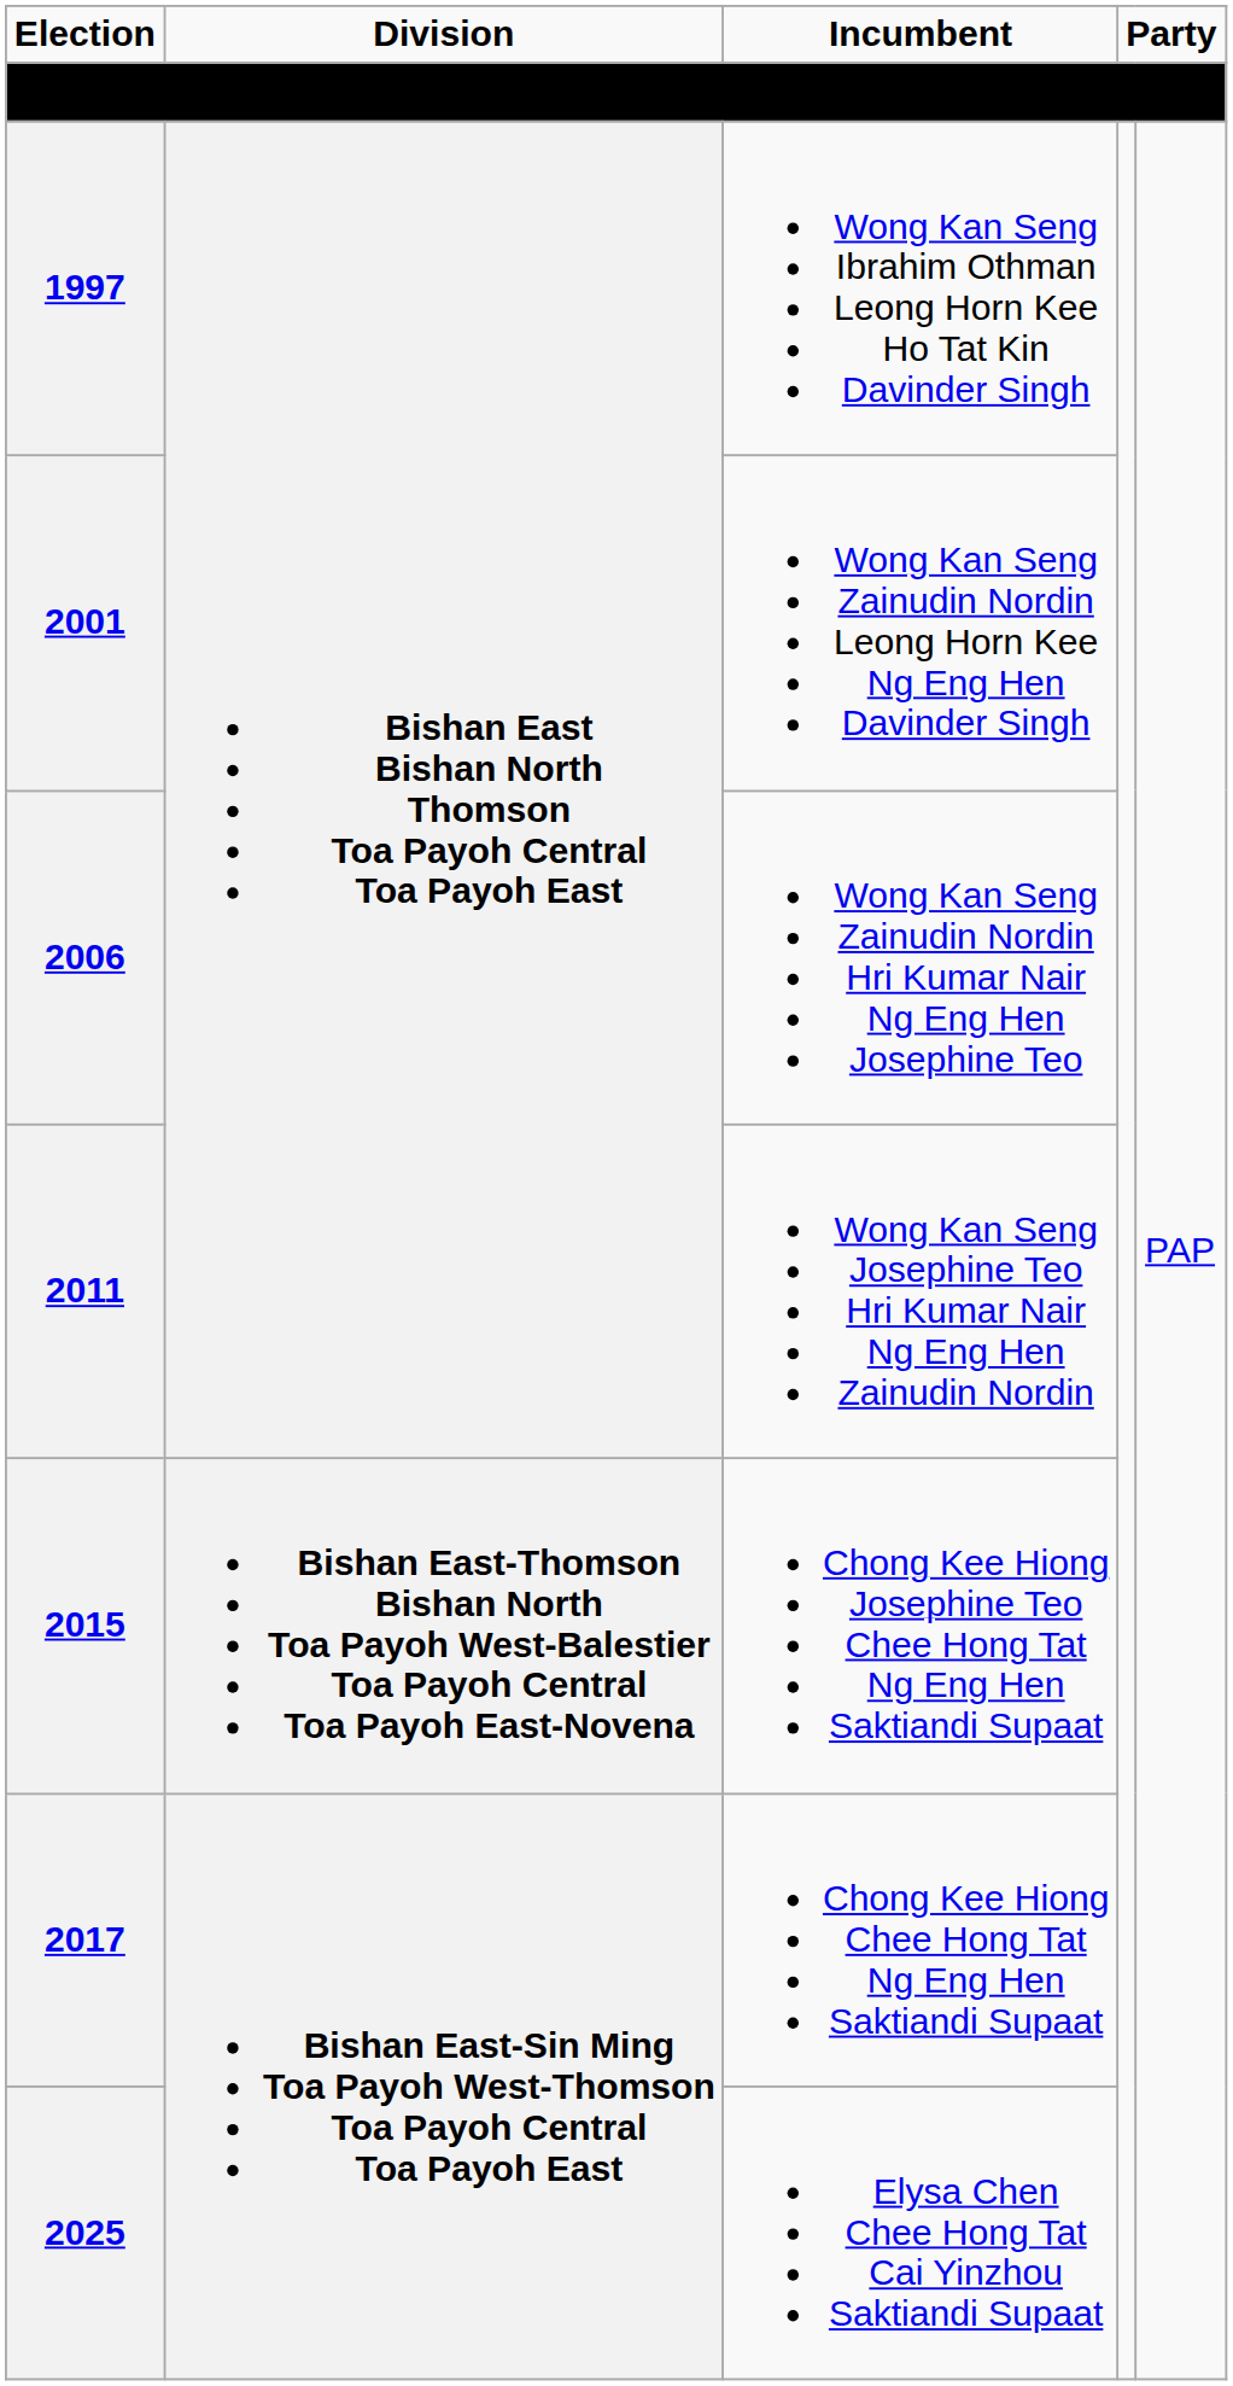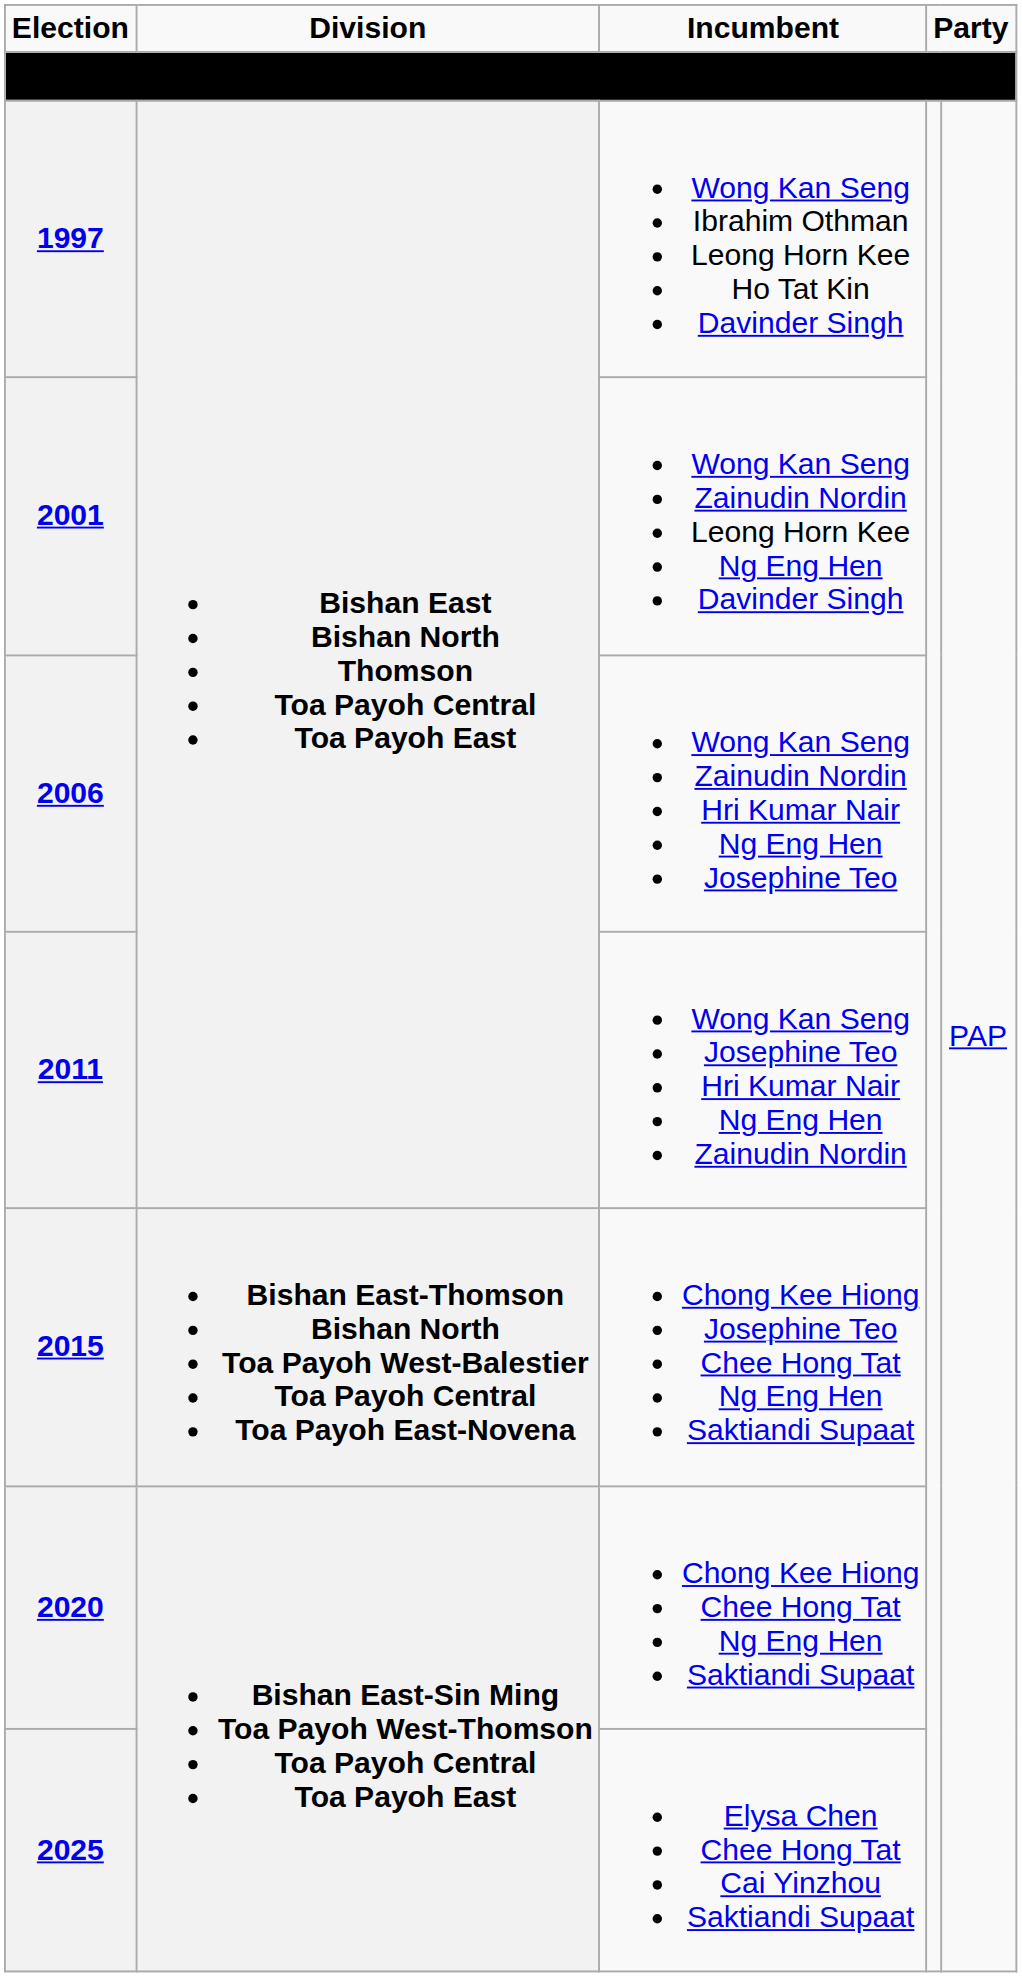 <table class="wikitable" align="center" style="text-align:center">
 <tr>
 <td><strong>Election </strong></td>
 <td><strong>Division </strong></td>
 <td><strong>Incumbent</strong></td>
 <td colspan="2"><strong>Party</strong></td>
 </tr>
 <tr>
 <td colspan=5 bgcolor=black><span><strong>Formation</strong></span></td>
 </tr>
 <tr>
 <th><a href='#'>1997</a></th>
 <th rowspan=4><br><ul><li>Bishan East</li><li>Bishan North</li><li>Thomson</li><li>Toa Payoh Central</li><li>Toa Payoh East</li></ul></th>
 <td><br><ul><li><a href='#'>Wong Kan Seng</a></li><li>Ibrahim Othman</li><li>Leong Horn Kee</li><li>Ho Tat Kin</li><li><a href='#'>Davinder Singh</a></li></ul></td>
 <td rowspan="7"></td>
 <td rowspan="7"><a href='#'>PAP</a></td>
 </tr>
 <tr>
 <th><a href='#'>2001</a></th>
 <td><br><ul><li><a href='#'>Wong Kan Seng</a></li><li><a href='#'>Zainudin Nordin</a></li><li>Leong Horn Kee</li><li><a href='#'>Ng Eng Hen</a></li><li><a href='#'>Davinder Singh</a></li></ul></td>
 </tr>
 <tr>
 <th><a href='#'>2006</a></th>
 <td><br><ul><li><a href='#'>Wong Kan Seng</a></li><li><a href='#'>Zainudin Nordin</a></li><li><a href='#'>Hri Kumar Nair</a></li><li><a href='#'>Ng Eng Hen</a></li><li><a href='#'>Josephine Teo</a></li></ul></td>
 </tr>
 <tr>
 <th><a href='#'>2011</a></th>
 <td><br><ul><li><a href='#'>Wong Kan Seng</a></li><li><a href='#'>Josephine Teo</a></li><li><a href='#'>Hri Kumar Nair</a></li><li><a href='#'>Ng Eng Hen</a></li><li><a href='#'>Zainudin Nordin</a></li></ul></td>
 </tr>
 <tr>
 <th><a href='#'>2015</a></th>
 <th><br><ul><li>Bishan East-Thomson</li><li>Bishan North</li><li>Toa Payoh West-Balestier</li><li>Toa Payoh Central</li><li>Toa Payoh East-Novena</li></ul></th>
 <td><br><ul><li><a href='#'>Chong Kee Hiong</a></li><li><a href='#'>Josephine Teo</a></li><li><a href='#'>Chee Hong Tat</a></li><li><a href='#'>Ng Eng Hen</a></li><li><a href='#'>Saktiandi Supaat</a></li></ul></td>
 </tr>
 <tr>
-<th><a href='#'>2017</a></th>
+<th><a href='#'>2020</a></th>
 <th rowspan="2"><br><ul><li>Bishan East-Sin Ming</li><li>Toa Payoh West-Thomson</li><li>Toa Payoh Central</li><li>Toa Payoh East</li></ul></th>
 <td><br><ul><li><a href='#'>Chong Kee Hiong</a></li><li><a href='#'>Chee Hong Tat</a></li><li><a href='#'>Ng Eng Hen</a></li><li><a href='#'>Saktiandi Supaat</a></li></ul></td>
 </tr>
 <tr>
 <th><a href='#'>2025</a></th>
 <td><br><ul><li><a href='#'>Elysa Chen</a></li><li><a href='#'>Chee Hong Tat</a></li><li><a href='#'>Cai Yinzhou</a></li><li><a href='#'>Saktiandi Supaat</a></li></ul></td>
 </tr>
 </table>
